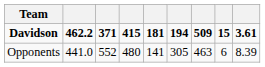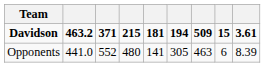 <table class="wikitable sortable">
 <tr>
 <th>Team</th>
 <th></th>
 <th></th>
 <th></th>
 <th></th>
 <th></th>
 <th></th>
 <th></th>
 <th></th>
 </tr>
 <tr style="text-align:center;">
 <td><strong>Davidson</strong></td>
-<td><strong>462.2</strong></td>
+<td><strong>463.2</strong></td>
 <td><strong>371</strong></td>
-<td><strong>415</strong></td>
+<td><strong>215</strong></td>
 <td><strong>181</strong></td>
 <td><strong>194</strong></td>
 <td><strong>509</strong></td>
 <td><strong>15</strong></td>
 <td><strong>3.61</strong></td>
 </tr>
 <tr style="text-align:center;">
 <td>Opponents</td>
 <td>441.0</td>
 <td>552</td>
 <td>480</td>
 <td>141</td>
 <td>305</td>
 <td>463</td>
 <td>6</td>
 <td>8.39</td>
 </tr>
 </table>
